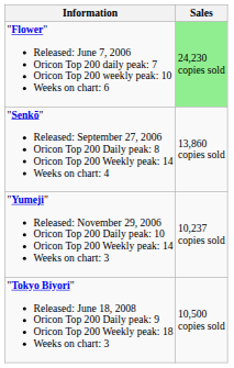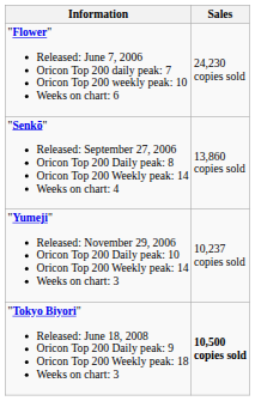 <table class="wikitable">
 <tr>
 <th>Information</th>
 <th>Sales</th>
 </tr>
 <tr>
 <td>"<strong><a href='#'>Flower</a></strong>"<br><ul><li>Released: June 7, 2006</li><li>Oricon Top 200 daily peak: 7</li><li>Oricon Top 200 weekly peak: 10</li><li>Weeks on chart: 6</li></ul></td>
-<td style="background: lightgreen;">24,230<br>copies sold</td>
+<td>24,230<br>copies sold</td>
 </tr>
 <tr>
 <td>"<strong><a href='#'>Senkō</a></strong>"<br><ul><li>Released: September 27, 2006</li><li>Oricon Top 200 Daily peak: 8</li><li>Oricon Top 200 Weekly peak: 14</li><li>Weeks on chart: 4</li></ul></td>
 <td>13,860<br>copies sold</td>
 </tr>
 <tr>
 <td>"<strong><a href='#'>Yumeji</a></strong>"<br><ul><li>Released: November 29, 2006</li><li>Oricon Top 200 Daily peak: 10</li><li>Oricon Top 200 Weekly peak: 14</li><li>Weeks on chart: 3</li></ul></td>
 <td>10,237<br>copies sold</td>
 </tr>
 <tr>
 <td>"<strong><a href='#'>Tokyo Biyori</a></strong>"<br><ul><li>Released: June 18, 2008</li><li>Oricon Top 200 Daily peak: 9</li><li>Oricon Top 200 Weekly peak: 18</li><li>Weeks on chart: 3</li></ul></td>
-<td>10,500<br>copies sold</td>
+<td><strong>10,500<br>copies sold</strong></td>
 </tr>
 </table>
